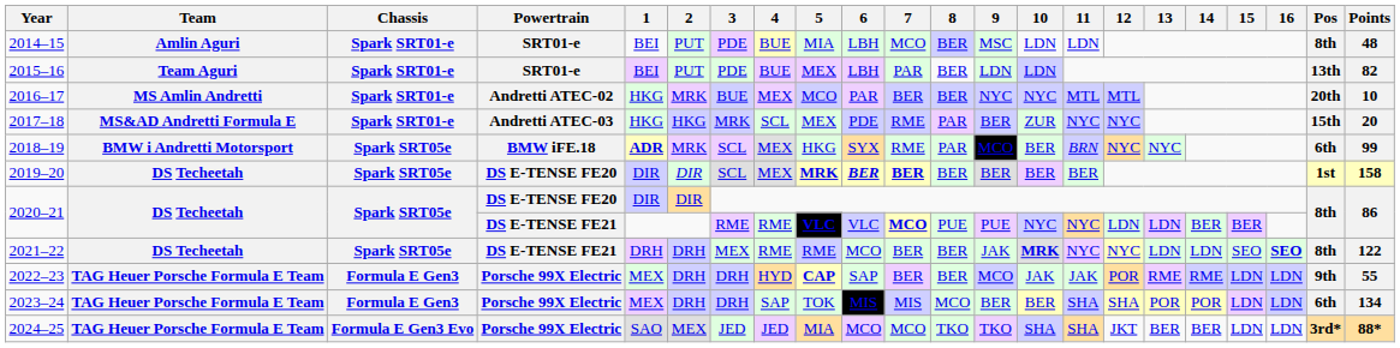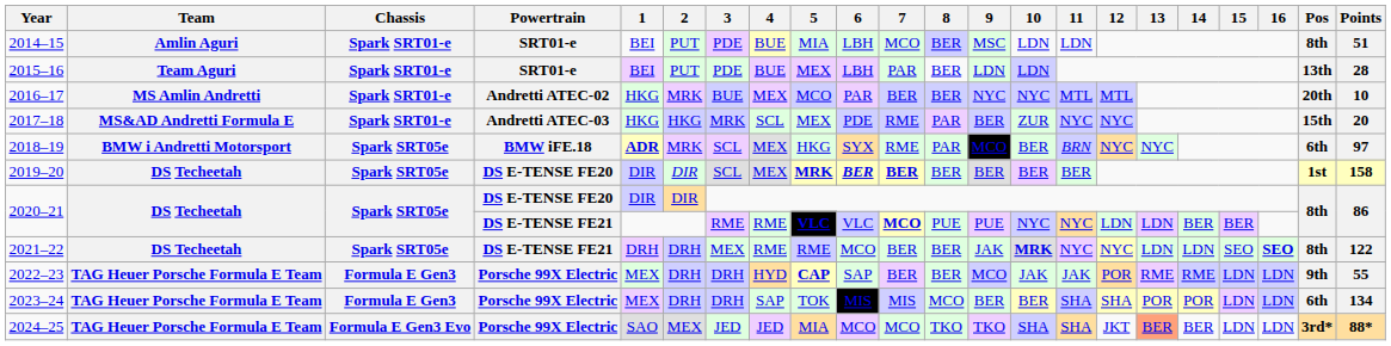 <table class="wikitable" style="text-align:center; font-size:85%">
 <tr>
 <th>Year</th>
 <th>Team</th>
 <th>Chassis</th>
 <th>Powertrain</th>
 <th>1</th>
 <th>2</th>
 <th>3</th>
 <th>4</th>
 <th>5</th>
 <th>6</th>
 <th>7</th>
 <th>8</th>
 <th>9</th>
 <th>10</th>
 <th>11</th>
 <th>12</th>
 <th>13</th>
 <th>14</th>
 <th>15</th>
 <th>16</th>
 <th>Pos</th>
 <th>Points</th>
 </tr>
 <tr>
 <td nowrap><a href='#'>2014–15</a></td>
 <th nowrap><a href='#'>Amlin Aguri</a></th>
 <th nowrap><a href='#'>Spark</a> <a href='#'>SRT01-e</a></th>
 <th nowrap>SRT01-e</th>
 <td><a href='#'>BEI</a></td>
 <td style="background:#DFFFDF"><a href='#'>PUT</a><br></td>
 <td style="background:#EFCFFF"><a href='#'>PDE</a><br></td>
 <td style="background:#FFFFBF"><a href='#'>BUE</a><br></td>
 <td style="background:#DFFFDF"><a href='#'>MIA</a><br></td>
 <td style="background:#DFFFDF"><a href='#'>LBH</a><br></td>
 <td style="background:#DFFFDF"><a href='#'>MCO</a><br></td>
 <td style="background:#CFCFFF"><a href='#'>BER</a><br></td>
 <td style="background:#DFFFDF"><a href='#'>MSC</a><br></td>
 <td><a href='#'>LDN</a></td>
 <td><a href='#'>LDN</a></td>
 <td colspan=5></td>
 <th>8th</th>
-<th>48</th>
+<th>51</th>
 </tr>
 <tr>
 <td nowrap><a href='#'>2015–16</a></td>
 <th nowrap><a href='#'>Team Aguri</a></th>
 <th nowrap><a href='#'>Spark</a> <a href='#'>SRT01-e</a></th>
 <th nowrap>SRT01-e</th>
 <td style="background:#EFCFFF"><a href='#'>BEI</a><br></td>
 <td style="background:#DFFFDF"><a href='#'>PUT</a><br></td>
 <td style="background:#DFFFDF"><a href='#'>PDE</a><br></td>
 <td style="background:#EFCFFF"><a href='#'>BUE</a><br></td>
 <td style="background:#EFCFFF"><a href='#'>MEX</a><br></td>
 <td style="background:#EFCFFF"><a href='#'>LBH</a><br></td>
 <td style="background:#DFFFDF"><a href='#'>PAR</a><br></td>
 <td><a href='#'>BER</a></td>
 <td style="background:#DFFFDF"><a href='#'>LDN</a><br></td>
 <td style="background:#CFCFFF"><a href='#'>LDN</a><br></td>
 <td colspan=6></td>
 <th>13th</th>
-<th>82</th>
+<th>28</th>
 </tr>
 <tr>
 <td nowrap><a href='#'>2016–17</a></td>
 <th nowrap><a href='#'>MS Amlin Andretti</a></th>
 <th nowrap><a href='#'>Spark</a> <a href='#'>SRT01-e</a></th>
 <th nowrap>Andretti ATEC-02</th>
 <td style="background:#DFFFDF"><a href='#'>HKG</a><br></td>
 <td style="background:#EFCFFF"><a href='#'>MRK</a><br></td>
 <td style="background:#CFCFFF"><a href='#'>BUE</a><br></td>
 <td style="background:#EFCFFF"><a href='#'>MEX</a><br></td>
 <td style="background:#CFCFFF"><a href='#'>MCO</a><br></td>
 <td style="background:#EFCFFF"><a href='#'>PAR</a><br></td>
 <td style="background:#CFCFFF"><a href='#'>BER</a><br></td>
 <td style="background:#CFCFFF"><a href='#'>BER</a><br></td>
 <td style="background:#CFCFFF"><a href='#'>NYC</a><br></td>
 <td style="background:#CFCFFF"><a href='#'>NYC</a><br></td>
 <td style="background:#CFCFFF"><a href='#'>MTL</a><br></td>
 <td style="background:#CFCFFF"><a href='#'>MTL</a><br></td>
 <td colspan=4></td>
 <th>20th</th>
 <th>10</th>
 </tr>
 <tr>
 <td nowrap><a href='#'>2017–18</a></td>
 <th nowrap><a href='#'>MS&AD Andretti Formula E</a></th>
 <th nowrap><a href='#'>Spark</a> <a href='#'>SRT01-e</a></th>
 <th nowrap>Andretti ATEC-03</th>
 <td style="background:#DFFFDF"><a href='#'>HKG</a><br></td>
 <td style="background:#CFCFFF"><a href='#'>HKG</a><br></td>
 <td style="background:#CFCFFF"><a href='#'>MRK</a><br></td>
 <td style="background:#DFFFDF"><a href='#'>SCL</a><br></td>
 <td style="background:#DFFFDF"><a href='#'>MEX</a><br></td>
 <td style="background:#CFCFFF"><a href='#'>PDE</a><br></td>
 <td style="background:#CFCFFF"><a href='#'>RME</a><br></td>
 <td style="background:#EFCFFF"><a href='#'>PAR</a><br></td>
 <td style="background:#CFCFFF"><a href='#'>BER</a><br></td>
 <td style="background:#DFFFDF"><a href='#'>ZUR</a><br></td>
 <td style="background:#CFCFFF"><a href='#'>NYC</a><br></td>
 <td style="background:#CFCFFF"><a href='#'>NYC</a><br></td>
 <td colspan=4></td>
 <th>15th</th>
 <th>20</th>
 </tr>
 <tr>
 <td nowrap><a href='#'>2018–19</a></td>
 <th nowrap><a href='#'>BMW i Andretti Motorsport</a></th>
 <th nowrap><a href='#'>Spark</a> <a href='#'>SRT05e</a></th>
 <th nowrap><a href='#'>BMW</a> iFE.18</th>
 <td style="background:#FFFFBF"><strong><a href='#'>ADR</a></strong><br></td>
 <td style="background:#EFCFFF"><a href='#'>MRK</a><br></td>
 <td style="background:#EFCFFF;"><a href='#'>SCL</a><br></td>
 <td style="background:#DFDFDF"><a href='#'>MEX</a><br></td>
 <td style="background:#DFFFDF"><a href='#'>HKG</a><br></td>
 <td style="background:#FFDF9F"><a href='#'>SYX</a><br></td>
 <td style="background:#DFFFDF"><a href='#'>RME</a><br></td>
 <td style="background:#DFFFDF"><a href='#'>PAR</a><br></td>
 <td style="background:#000000; color:white"><a href='#'><span>MCO</span></a><br></td>
 <td style="background:#DFFFDF"><a href='#'>BER</a><br></td>
 <td style="background:#CFCFFF"><em><a href='#'>BRN</a></em><br></td>
 <td style="background:#FFDF9F"><a href='#'>NYC</a><br></td>
 <td style="background:#DFFFDF"><a href='#'>NYC</a><br></td>
 <td colspan=3></td>
 <th>6th</th>
-<th>99</th>
+<th>97</th>
 </tr>
 <tr>
 <td nowrap><a href='#'>2019–20</a></td>
 <th nowrap><a href='#'>DS</a> <a href='#'>Techeetah</a></th>
 <th nowrap><a href='#'>Spark</a> <a href='#'>SRT05e</a></th>
 <th nowrap><a href='#'>DS</a> E-TENSE FE20</th>
 <td style="background:#CFCFFF"><a href='#'>DIR</a><br></td>
 <td style="background:#DFFFDF"><em><a href='#'>DIR</a></em><br></td>
 <td style="background:#DFDFDF"><a href='#'>SCL</a><br></td>
 <td style="background:#DFDFDF"><a href='#'>MEX</a><br></td>
 <td style="background:#FFFFBF"><strong><a href='#'>MRK</a></strong><br></td>
 <td style="background:#FFFFBF"><strong><em><a href='#'>BER</a></em></strong><br></td>
 <td style="background:#FFFFBF"><strong><a href='#'>BER</a></strong><br></td>
 <td style="background:#DFFFDF"><a href='#'>BER</a><br></td>
 <td style="background:#DFDFDF"><a href='#'>BER</a><br></td>
 <td style="background:#EFCFFF"><a href='#'>BER</a><br></td>
 <td style="background:#DFFFDF"><a href='#'>BER</a><br></td>
 <td colspan=5></td>
 <th style="background:#FFFFBF">1st</th>
 <th style="background:#FFFFBF">158</th>
 </tr>
 <tr>
 <td rowspan=2 nowrap><a href='#'>2020–21</a></td>
 <th rowspan=2 nowrap><a href='#'>DS</a> <a href='#'>Techeetah</a></th>
 <th rowspan=2 nowrap><a href='#'>Spark</a> <a href='#'>SRT05e</a></th>
 <th nowrap><a href='#'>DS</a> E-TENSE FE20</th>
 <td style="background:#CFCFFF"><a href='#'>DIR</a><br></td>
 <td style="background:#FFDF9F"><a href='#'>DIR</a><br></td>
 <td colspan=14></td>
 <th rowspan=2>8th</th>
 <th rowspan=2>86</th>
 </tr>
 <tr>
 <th nowrap><a href='#'>DS</a> E-TENSE FE21</th>
 <td colspan=2></td>
 <td style="background:#EFCFFF"><a href='#'>RME</a><br></td>
 <td style="background:#DFFFDF"><a href='#'>RME</a><br></td>
 <td style="background-color:#000000;color:white"><strong><a href='#'><span>VLC</span></a></strong><br></td>
 <td style="background:#CFCFFF"><a href='#'>VLC</a><br></td>
 <td style="background:#FFFFBF"><strong><a href='#'>MCO</a></strong><br></td>
 <td style="background:#DFFFDF"><a href='#'>PUE</a><br></td>
 <td style="background:#EFCFFF"><a href='#'>PUE</a><br></td>
 <td style="background:#CFCFFF"><a href='#'>NYC</a><br></td>
 <td style="background:#FFDF9F"><a href='#'>NYC</a><br></td>
 <td style="background:#DFFFDF"><a href='#'>LDN</a><br></td>
 <td style="background:#EFCFFF"><a href='#'>LDN</a><br></td>
 <td style="background:#DFFFDF"><a href='#'>BER</a><br></td>
 <td style="background:#EFCFFF"><a href='#'>BER</a><br></td>
 <td></td>
 </tr>
 <tr>
 <td nowrap><a href='#'>2021–22</a></td>
 <th nowrap><a href='#'>DS Techeetah</a></th>
 <th nowrap><a href='#'>Spark</a> <a href='#'>SRT05e</a></th>
 <th nowrap><a href='#'>DS</a> E-TENSE FE21</th>
 <td style="background:#EFCFFF;"><a href='#'>DRH</a><br></td>
 <td style="background:#CFCFFF;"><a href='#'>DRH</a><br></td>
 <td style="background:#DFFFDF;"><a href='#'>MEX</a><br></td>
 <td style="background:#DFFFDF;"><a href='#'>RME</a><br></td>
 <td style="background:#CFCFFF;"><a href='#'>RME</a><br></td>
 <td style="background:#DFFFDF;"><a href='#'>MCO</a><br></td>
 <td style="background:#DFFFDF;"><a href='#'>BER</a><br></td>
 <td style="background:#DFFFDF;"><a href='#'>BER</a><br></td>
 <td style="background:#DFFFDF;"><a href='#'>JAK</a><br></td>
 <td style="background:#DFDFDF;"><strong><a href='#'>MRK</a></strong><br></td>
 <td style="background:#EFCFFF;"><a href='#'>NYC</a><br></td>
 <td style="background:#FFFFBF;"><a href='#'>NYC</a><br></td>
 <td style="background:#DFFFDF;"><a href='#'>LDN</a><br></td>
 <td style="background:#DFFFDF;"><a href='#'>LDN</a><br></td>
 <td style="background:#DFFFDF;"><a href='#'>SEO</a><br></td>
 <td style="background:#DFFFDF;"><strong><a href='#'>SEO</a></strong><br></td>
 <th>8th</th>
 <th>122</th>
 </tr>
 <tr>
 <td nowrap><a href='#'>2022–23</a></td>
 <th nowrap><a href='#'>TAG Heuer Porsche Formula E Team</a></th>
 <th nowrap><a href='#'>Formula E Gen3</a></th>
 <th nowrap><a href='#'>Porsche 99X Electric</a></th>
 <td style="background:#DFFFDF;"><a href='#'>MEX</a><br></td>
 <td style="background:#CFCFFF;"><a href='#'>DRH</a><br></td>
 <td style="background:#CFCFFF;"><a href='#'>DRH</a><br></td>
 <td style="background:#FFDF9F;"><a href='#'>HYD</a><br></td>
 <td style="background:#FFFFBF;"><strong><a href='#'>CAP</a><br></strong></td>
 <td style="background:#DFFFDF;"><a href='#'>SAP</a><br></td>
 <td style="background:#efcfff;"><a href='#'>BER</a><br></td>
 <td style="background:#DFFFDF;"><a href='#'>BER</a><br></td>
 <td style="background:#cfcfff;"><a href='#'>MCO</a><br></td>
 <td style="background:#dfffdf;"><a href='#'>JAK</a><br></td>
 <td style="background:#dfffdf;"><a href='#'>JAK</a><br></td>
 <td style="background:#ffdf9f;"><a href='#'>POR</a><br></td>
 <td style="background:#efcfff;"><a href='#'>RME</a><br></td>
 <td style="background:#cfcfff;"><a href='#'>RME</a><br></td>
 <td style="background:#CFCFFF;"><a href='#'>LDN</a><br></td>
 <td style="background:#CFCFFF;"><a href='#'>LDN</a><br></td>
 <th>9th</th>
 <th>55</th>
 </tr>
 <tr>
 <td nowrap><a href='#'>2023–24</a></td>
 <th nowrap><a href='#'>TAG Heuer Porsche Formula E Team</a></th>
 <th nowrap><a href='#'>Formula E Gen3</a></th>
 <th nowrap><a href='#'>Porsche 99X Electric</a></th>
 <td style="background:#efcfff;"><a href='#'>MEX</a><br></td>
 <td style="background:#cfcfff;"><a href='#'>DRH</a><br></td>
 <td style="background:#cfcfff;"><a href='#'>DRH</a><br></td>
 <td style="background:#dfffdf;"><a href='#'>SAP</a><br></td>
 <td style="background:#dfffdf;"><a href='#'>TOK</a><br></td>
 <td style="background:black; color:white;"><a href='#'><span>MIS</span></a><br></td>
 <td style="background:#cfcfff"><a href='#'>MIS</a><br></td>
 <td style="background:#dfffdf"><a href='#'>MCO</a><br></td>
 <td style="background:#dfffdf"><a href='#'>BER</a><br></td>
 <td style="background:#ffffbf"><a href='#'>BER</a><br></td>
 <td style="background:#cfcfff"><a href='#'>SHA</a><br></td>
 <td style="background:#ffffbf"><a href='#'>SHA</a><br></td>
 <td style="background:#ffffbf"><a href='#'>POR</a><br></td>
 <td style="background:#ffffbf"><a href='#'>POR</a><br></td>
 <td style="background:#efcfff"><a href='#'>LDN</a><br></td>
 <td style="background:#cfcfff"><a href='#'>LDN</a><br></td>
 <th>6th</th>
 <th>134</th>
 </tr>
 <tr>
 <td nowrap><a href='#'>2024–25</a></td>
 <th nowrap><a href='#'>TAG Heuer Porsche Formula E Team</a></th>
 <th nowrap><a href='#'>Formula E Gen3 Evo</a></th>
 <th nowrap><a href='#'>Porsche 99X Electric</a></th>
 <td style="background:#DFDFDF;"><a href='#'>SAO</a><br></td>
 <td style="background:#DFDFDF;"><a href='#'>MEX</a><br></td>
 <td style="background:#dfffdf;"><a href='#'>JED</a><br></td>
 <td style="background:#efcfff;"><a href='#'>JED</a><br></td>
 <td style="background:#ffdf9f;"><a href='#'>MIA</a><br></td>
 <td style="background:#efcfff;"><a href='#'>MCO</a><br></td>
 <td style="background:#dfffdf;"><a href='#'>MCO</a><br> </td>
 <td style="background:#dfffdf;"><a href='#'>TKO</a><br></td>
 <td style="background:#efcfff;"><a href='#'>TKO</a><br></td>
 <td style="background:#CFCFFF;"><a href='#'>SHA</a><br></td>
 <td style="background:#FFDF9F;"><a href='#'>SHA</a><br></td>
 <td><a href='#'>JKT</a></td>
-<td><a href='#'>BER</a></td>
+<td style="background: lightsalmon;"><a href='#'>BER</a></td>
 <td><a href='#'>BER</a></td>
 <td><a href='#'>LDN</a></td>
 <td><a href='#'>LDN</a></td>
 <th style="background:#ffdf9f;">3rd*</th>
 <th style="background:#ffdf9f;">88*</th>
 </tr>
 </table>
